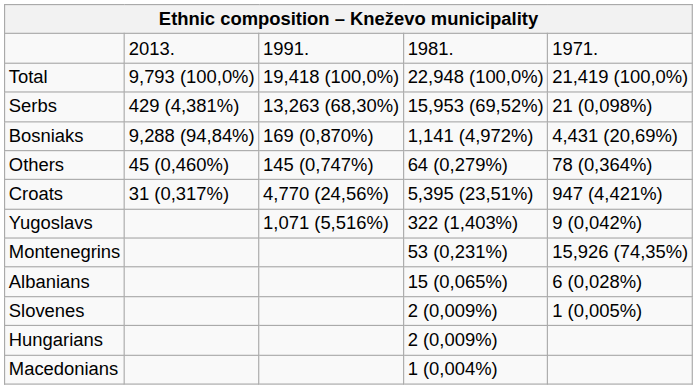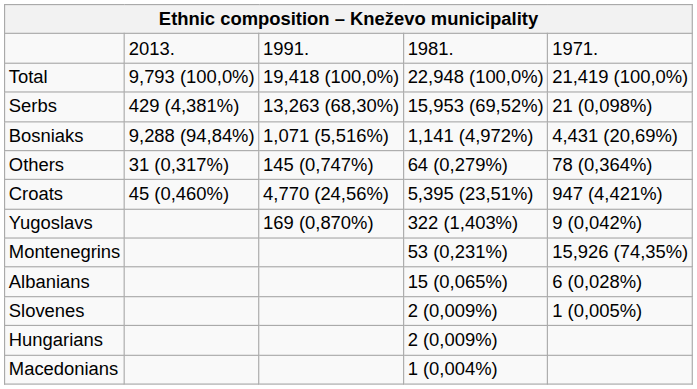 <table class="wikitable">
 <tr>
 <th colspan="8">Ethnic composition – Kneževo municipality</th>
 </tr>
 <tr>
 <td></td>
 <td>2013.</td>
 <td>1991.</td>
 <td>1981.</td>
 <td>1971.</td>
 </tr>
 <tr>
 <td>Total</td>
 <td>9,793 (100,0%)</td>
 <td>19,418 (100,0%)</td>
 <td>22,948 (100,0%)</td>
 <td>21,419 (100,0%)</td>
 </tr>
 <tr>
 <td>Serbs</td>
 <td>429 (4,381%)</td>
 <td>13,263 (68,30%)</td>
 <td>15,953 (69,52%)</td>
 <td>21 (0,098%)</td>
 </tr>
 <tr>
 <td>Bosniaks</td>
 <td>9,288 (94,84%)</td>
-<td>169 (0,870%)</td>
+<td>1,071 (5,516%)</td>
 <td>1,141 (4,972%)</td>
 <td>4,431 (20,69%)</td>
 </tr>
 <tr>
 <td>Others</td>
-<td>45 (0,460%)</td>
+<td>31 (0,317%)</td>
 <td>145 (0,747%)</td>
 <td>64 (0,279%)</td>
 <td>78 (0,364%)</td>
 </tr>
 <tr>
 <td>Croats</td>
-<td>31 (0,317%)</td>
+<td>45 (0,460%)</td>
 <td>4,770 (24,56%)</td>
 <td>5,395 (23,51%)</td>
 <td>947 (4,421%)</td>
 </tr>
 <tr>
 <td>Yugoslavs</td>
 <td></td>
-<td>1,071 (5,516%)</td>
+<td>169 (0,870%)</td>
 <td>322 (1,403%)</td>
 <td>9 (0,042%)</td>
 </tr>
 <tr>
 <td>Montenegrins</td>
 <td></td>
 <td></td>
 <td>53 (0,231%)</td>
 <td>15,926 (74,35%)</td>
 </tr>
 <tr>
 <td>Albanians</td>
 <td></td>
 <td></td>
 <td>15 (0,065%)</td>
 <td>6 (0,028%)</td>
 </tr>
 <tr>
 <td>Slovenes</td>
 <td></td>
 <td></td>
 <td>2 (0,009%)</td>
 <td>1 (0,005%)</td>
 </tr>
 <tr>
 <td>Hungarians</td>
 <td></td>
 <td></td>
 <td>2 (0,009%)</td>
 <td></td>
 </tr>
 <tr>
 <td>Macedonians</td>
 <td></td>
 <td></td>
 <td>1 (0,004%)</td>
 <td></td>
 </tr>
 </table>
